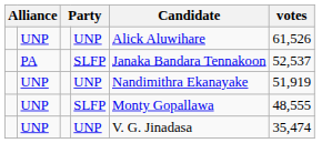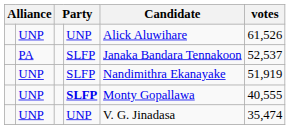 <table class="wikitable sortable mw-collapsible">
 <tr>
 <th colspan="2">Alliance</th>
 <th colspan="2">Party</th>
 <th>Candidate</th>
 <th>votes</th>
 </tr>
 <tr>
 <td bgcolor=> </td>
 <td align=left><a href='#'>UNP</a></td>
 <td bgcolor=> </td>
 <td align=left><a href='#'>UNP</a></td>
 <td><a href='#'>Alick Aluwihare</a></td>
 <td>61,526</td>
 </tr>
 <tr>
 <td bgcolor=> </td>
 <td align=left><a href='#'>PA</a></td>
 <td bgcolor=> </td>
 <td align=left><a href='#'>SLFP</a></td>
 <td><a href='#'>Janaka Bandara Tennakoon</a></td>
 <td>52,537</td>
 </tr>
 <tr>
 <td bgcolor=> </td>
 <td align=left><a href='#'>UNP</a></td>
 <td bgcolor=> </td>
-<td align=left><a href='#'>UNP</a></td>
+<td align=left><a href='#'>SLFP</a></td>
 <td><a href='#'>Nandimithra Ekanayake</a></td>
 <td>51,919</td>
 </tr>
 <tr>
 <td bgcolor=> </td>
 <td align=left><a href='#'>UNP</a></td>
 <td bgcolor=> </td>
-<td align=left><a href='#'>SLFP</a></td>
+<td align=left><strong><a href='#'>SLFP</a></strong></td>
 <td><a href='#'>Monty Gopallawa</a></td>
-<td>48,555</td>
+<td>40,555</td>
 </tr>
 <tr>
 <td bgcolor=> </td>
 <td align=left><a href='#'>UNP</a></td>
 <td bgcolor=> </td>
 <td align=left><a href='#'>UNP</a></td>
 <td>V. G. Jinadasa</td>
 <td>35,474</td>
 </tr>
 </table>
